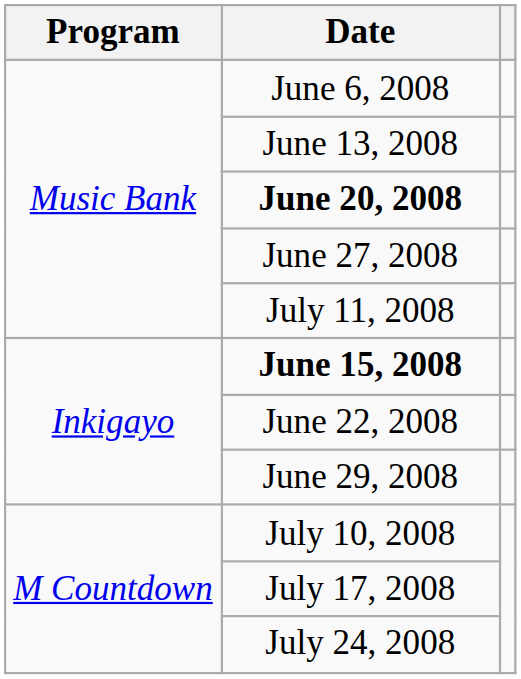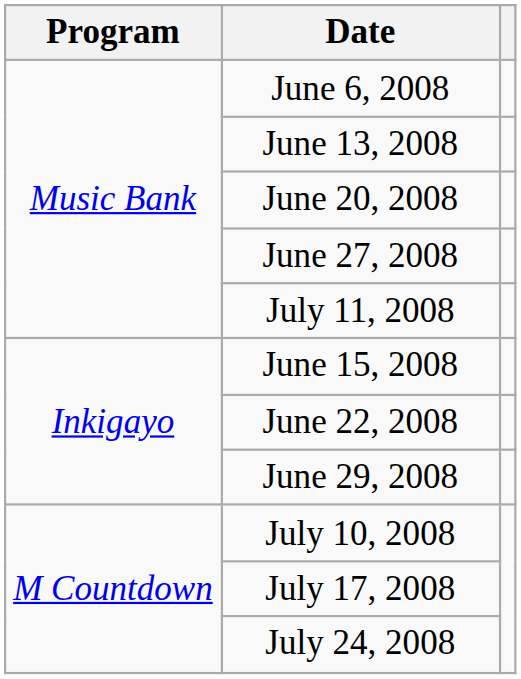 <table class="wikitable sortable" style="text-align:center">
 <tr>
 <th>Program</th>
 <th width="120">Date</th>
 <th class="unsortable"></th>
 </tr>
 <tr>
 <td rowspan="5"><a href='#'><em>Music Bank</em></a></td>
 <td>June 6, 2008</td>
 <td></td>
 </tr>
 <tr>
 <td>June 13, 2008</td>
 <td></td>
 </tr>
 <tr>
-<td><strong>June 20, 2008</strong></td>
+<td>June 20, 2008</td>
 <td></td>
 </tr>
 <tr>
 <td>June 27, 2008</td>
 <td></td>
 </tr>
 <tr>
 <td>July 11, 2008</td>
 <td></td>
 </tr>
 <tr>
 <td rowspan="3"><em><a href='#'>Inkigayo</a></em></td>
-<td><strong>June 15, 2008</strong></td>
+<td>June 15, 2008</td>
 <td></td>
 </tr>
 <tr>
 <td>June 22, 2008</td>
 <td></td>
 </tr>
 <tr>
 <td>June 29, 2008</td>
 <td></td>
 </tr>
 <tr>
 <td rowspan="3"><em><a href='#'>M Countdown</a></em></td>
 <td>July 10, 2008</td>
 <td rowspan="3"></td>
 </tr>
 <tr>
 <td>July 17, 2008</td>
 </tr>
 <tr>
 <td>July 24, 2008</td>
 </tr>
 </table>
